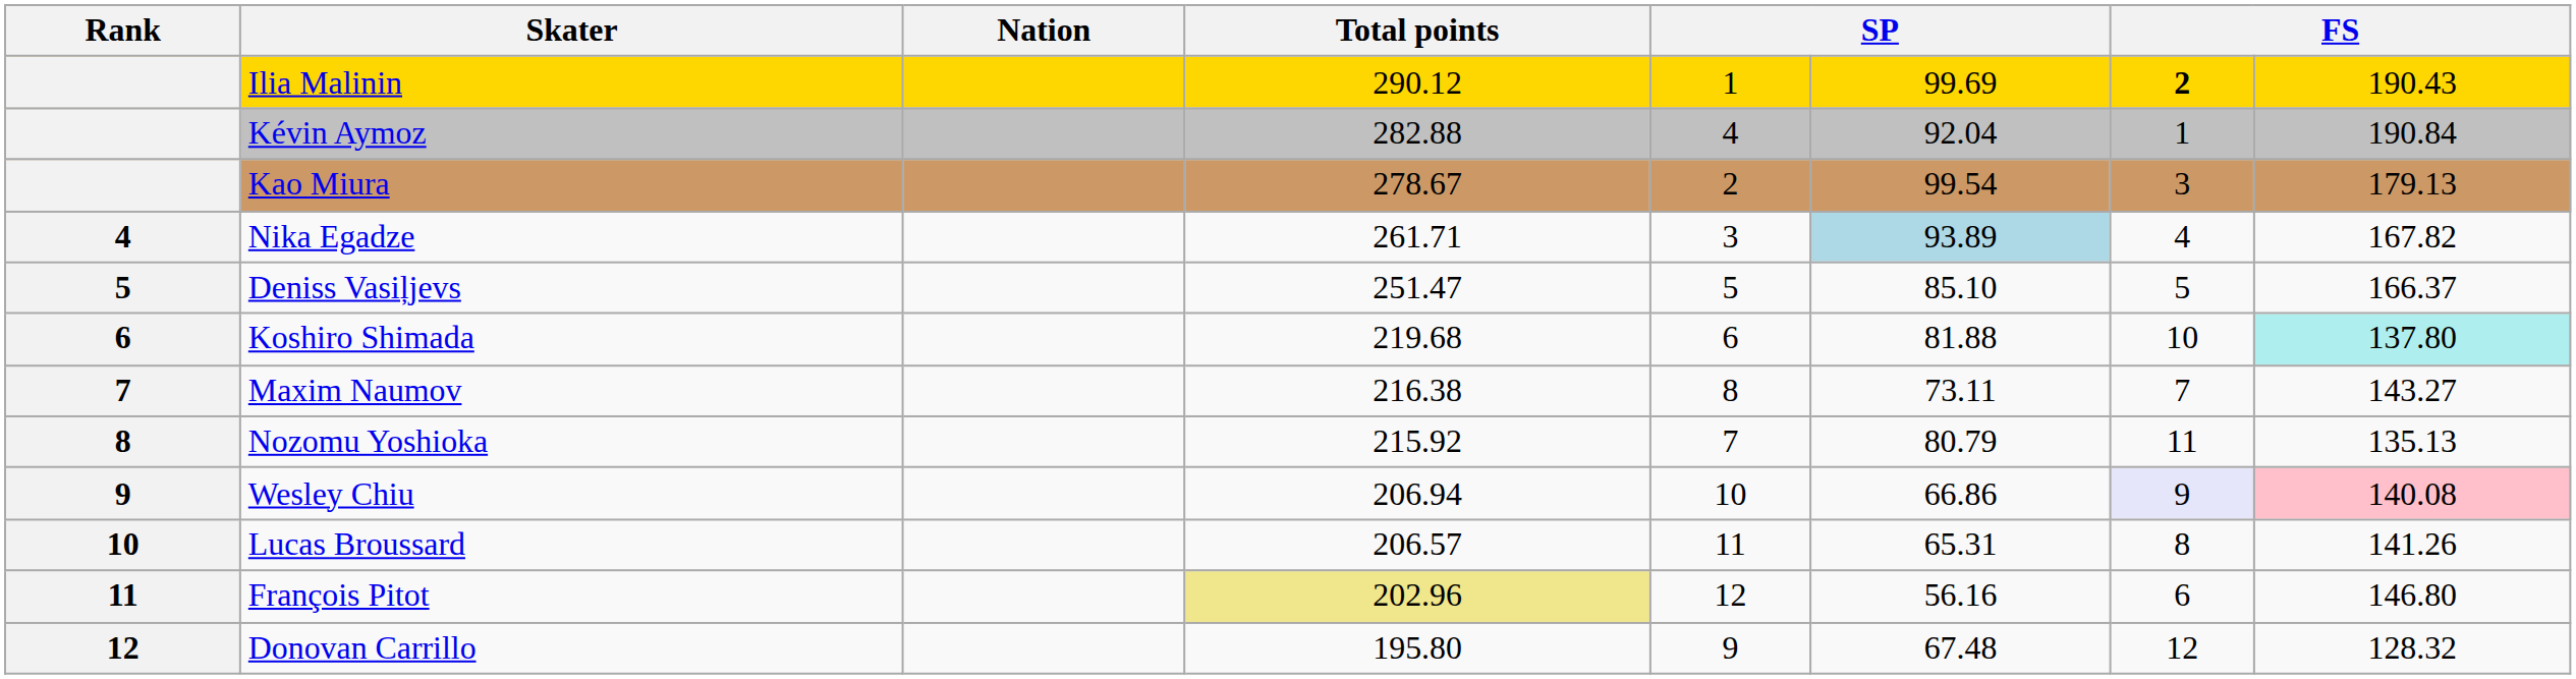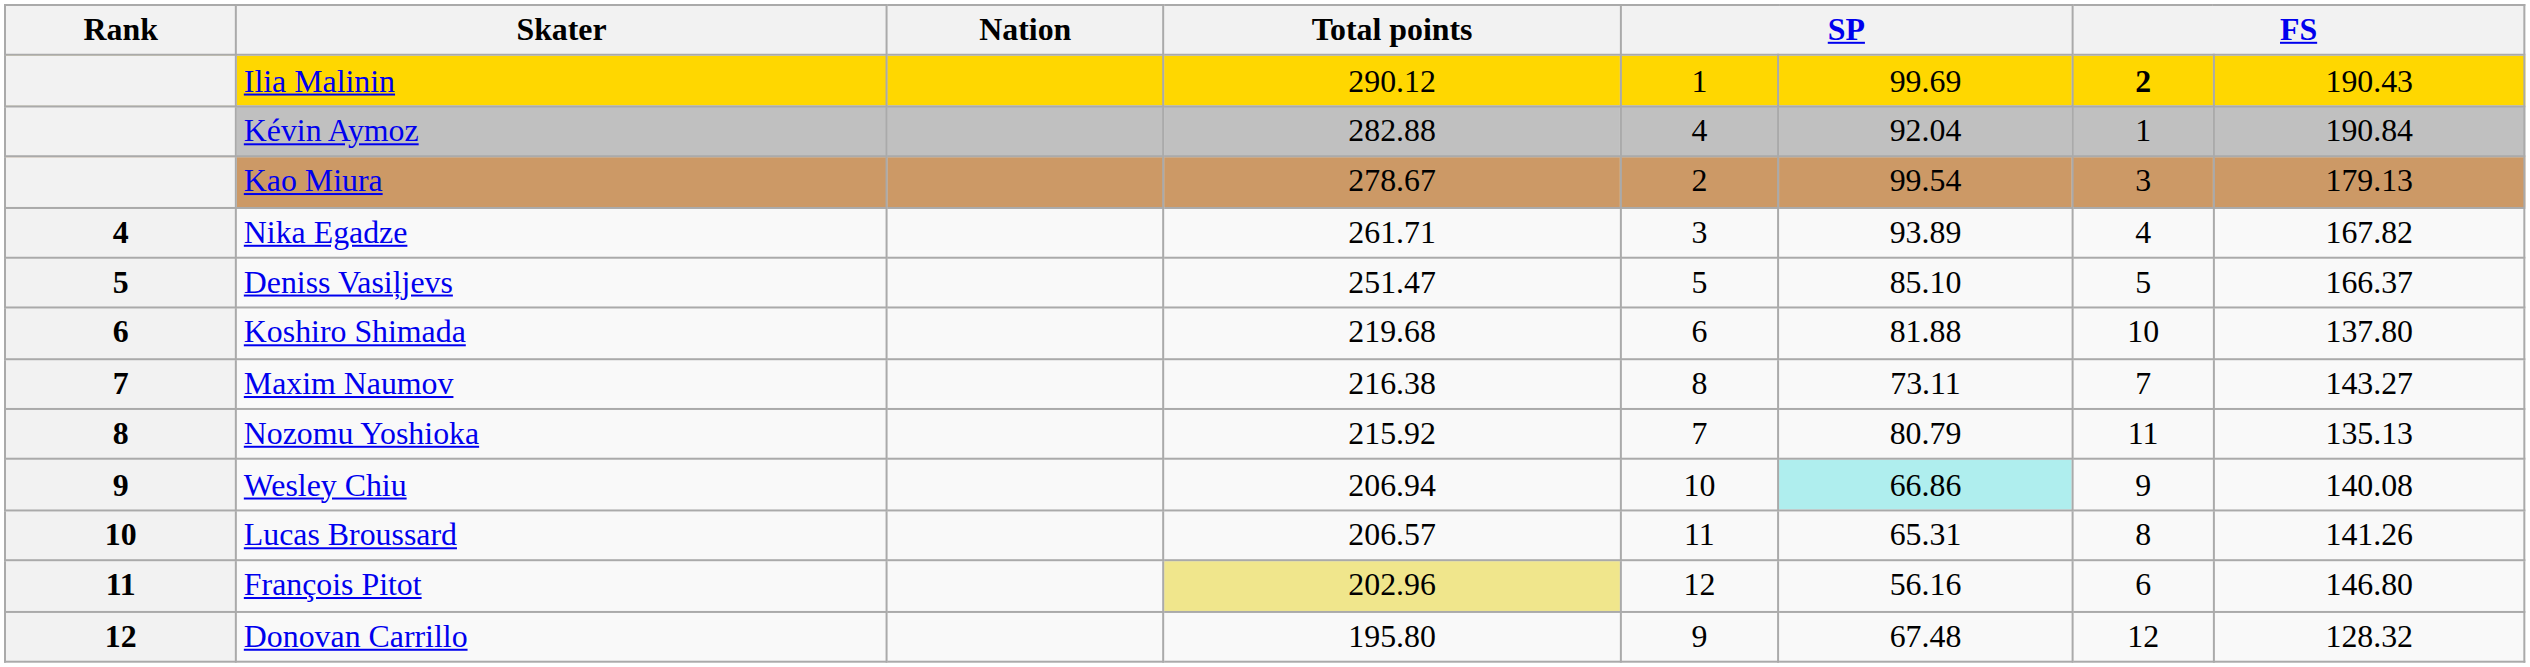 <table class="wikitable sortable" style="text-align:center;" width="80%">
 <tr>
 <th scope="col">Rank</th>
 <th scope="col">Skater</th>
 <th scope="col">Nation</th>
 <th scope="col">Total points</th>
 <th scope="col" colspan="2" width="80px"><a href='#'>SP</a></th>
 <th scope="col" colspan="2" width="80px"><a href='#'>FS</a></th>
 </tr>
 <tr bgcolor="gold">
 <th scope="row"></th>
 <td align="left"><a href='#'>Ilia Malinin</a></td>
 <td align="left"></td>
 <td>290.12</td>
 <td>1</td>
 <td>99.69</td>
 <td><strong>2</strong></td>
 <td>190.43</td>
 </tr>
 <tr bgcolor="silver">
 <th scope="row"></th>
 <td align="left"><a href='#'>Kévin Aymoz</a></td>
 <td align="left"></td>
 <td>282.88</td>
 <td>4</td>
 <td>92.04</td>
 <td>1</td>
 <td>190.84</td>
 </tr>
 <tr bgcolor="cc9966">
 <th scope="row"></th>
 <td align="left"><a href='#'>Kao Miura</a></td>
 <td align="left"></td>
 <td>278.67</td>
 <td>2</td>
 <td>99.54</td>
 <td>3</td>
 <td>179.13</td>
 </tr>
 <tr>
 <th scope="row">4</th>
 <td align="left"><a href='#'>Nika Egadze</a></td>
 <td align="left"></td>
 <td>261.71</td>
 <td>3</td>
-<td style="background: lightblue;">93.89</td>
+<td>93.89</td>
 <td>4</td>
 <td>167.82</td>
 </tr>
 <tr>
 <th scope="row">5</th>
 <td align="left"><a href='#'>Deniss Vasiļjevs</a></td>
 <td align="left"></td>
 <td>251.47</td>
 <td>5</td>
 <td>85.10</td>
 <td>5</td>
 <td>166.37</td>
 </tr>
 <tr>
 <th scope="row">6</th>
 <td align="left"><a href='#'>Koshiro Shimada</a></td>
 <td align="left"></td>
 <td>219.68</td>
 <td>6</td>
 <td>81.88</td>
 <td>10</td>
-<td style="background: paleturquoise;">137.80</td>
+<td>137.80</td>
 </tr>
 <tr>
 <th scope="row">7</th>
 <td align="left"><a href='#'>Maxim Naumov</a></td>
 <td align="left"></td>
 <td>216.38</td>
 <td>8</td>
 <td>73.11</td>
 <td>7</td>
 <td>143.27</td>
 </tr>
 <tr>
 <th scope="row">8</th>
 <td align="left"><a href='#'>Nozomu Yoshioka</a></td>
 <td align="left"></td>
 <td>215.92</td>
 <td>7</td>
 <td>80.79</td>
 <td>11</td>
 <td>135.13</td>
 </tr>
 <tr>
 <th scope="row">9</th>
 <td align="left"><a href='#'>Wesley Chiu</a></td>
 <td align="left"></td>
 <td>206.94</td>
 <td>10</td>
-<td>66.86</td>
-<td style="background: lavender;">9</td>
-<td style="background: pink;">140.08</td>
+<td style="background: paleturquoise;">66.86</td>
+<td>9</td>
+<td>140.08</td>
 </tr>
 <tr>
 <th scope="row">10</th>
 <td align="left"><a href='#'>Lucas Broussard</a></td>
 <td align="left"></td>
 <td>206.57</td>
 <td>11</td>
 <td>65.31</td>
 <td>8</td>
 <td>141.26</td>
 </tr>
 <tr>
 <th scope="row">11</th>
 <td align="left"><a href='#'>François Pitot</a></td>
 <td align="left"></td>
 <td style="background: khaki;">202.96</td>
 <td>12</td>
 <td>56.16</td>
 <td>6</td>
 <td>146.80</td>
 </tr>
 <tr>
 <th scope="row">12</th>
 <td align="left"><a href='#'>Donovan Carrillo</a></td>
 <td align="left"></td>
 <td>195.80</td>
 <td>9</td>
 <td>67.48</td>
 <td>12</td>
 <td>128.32</td>
 </tr>
 </table>
